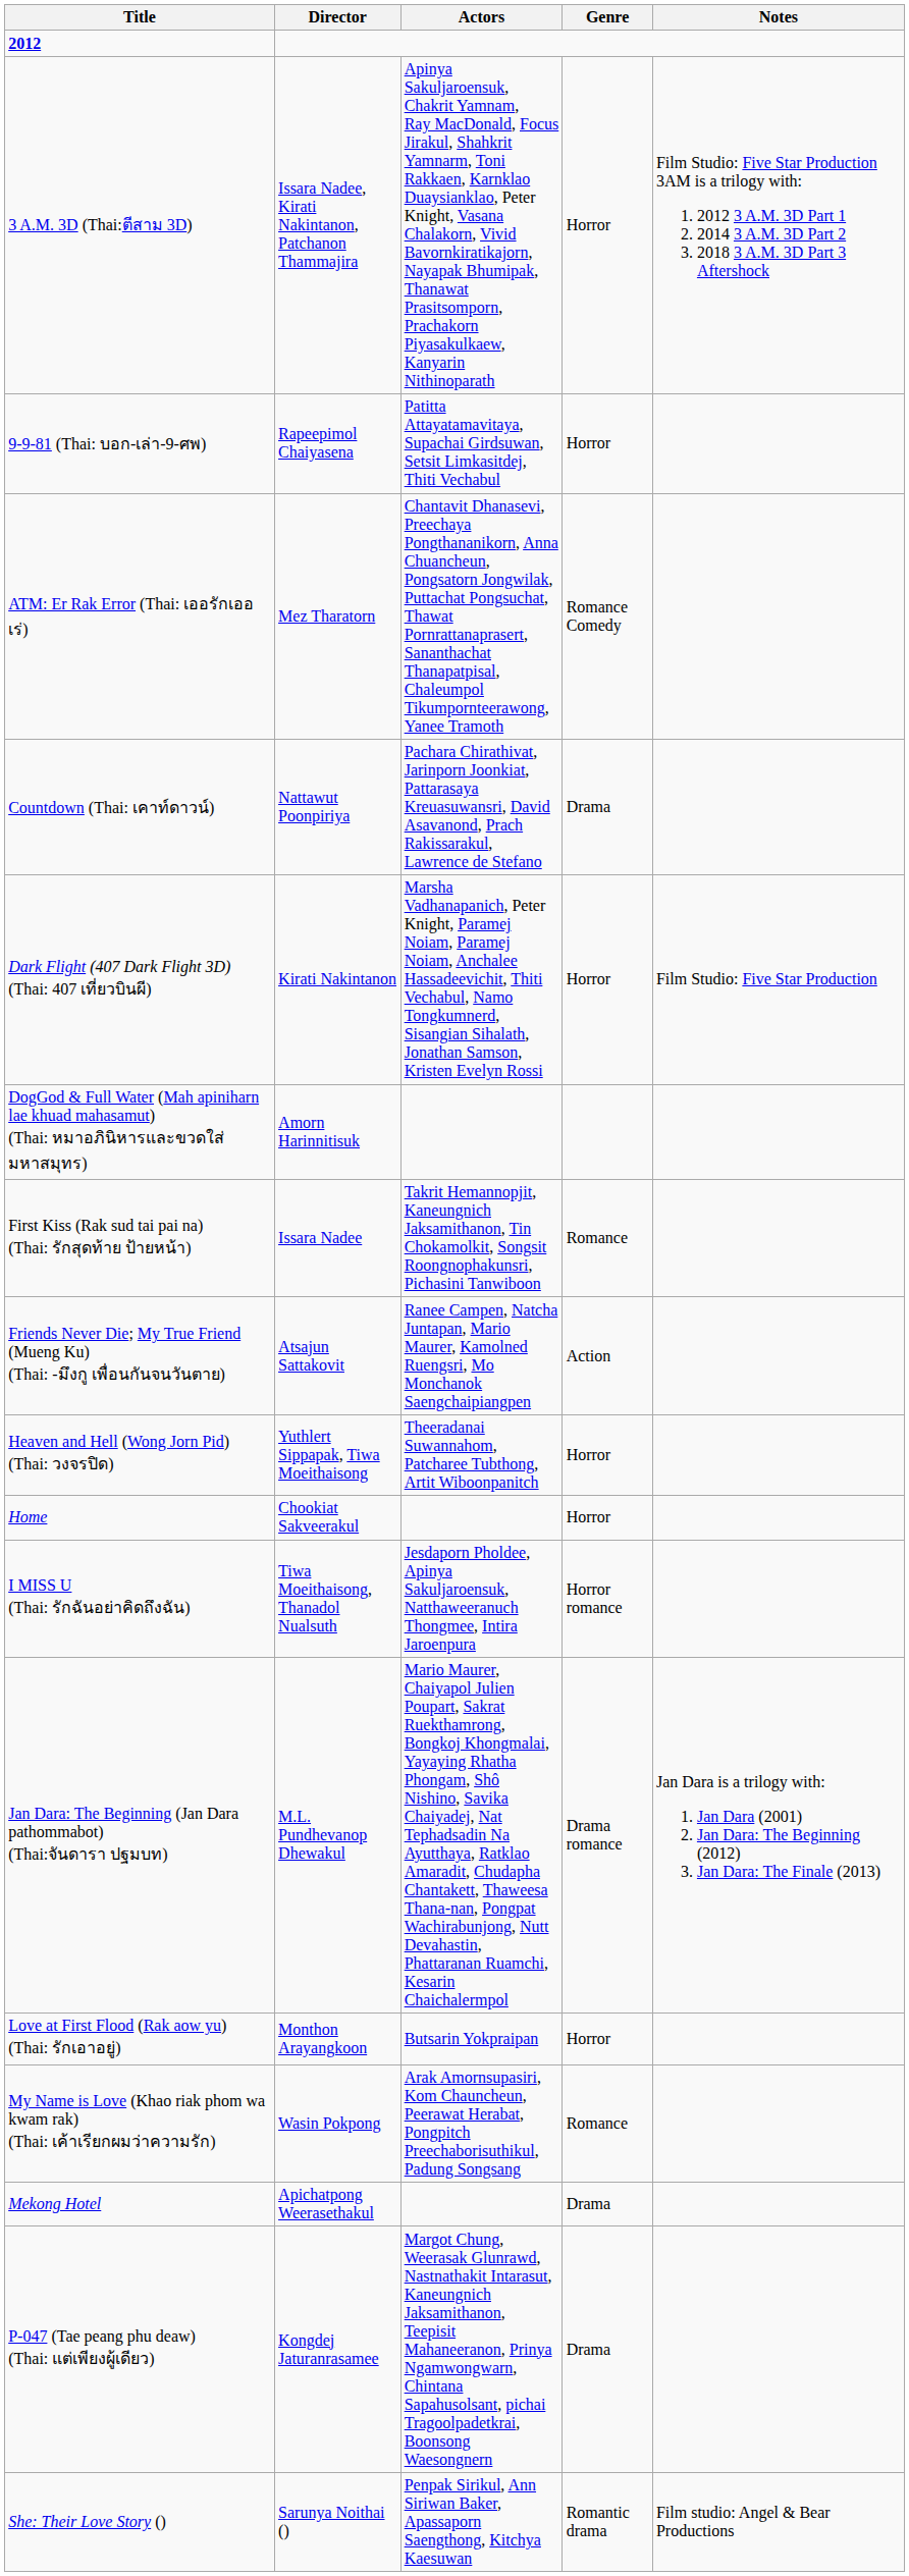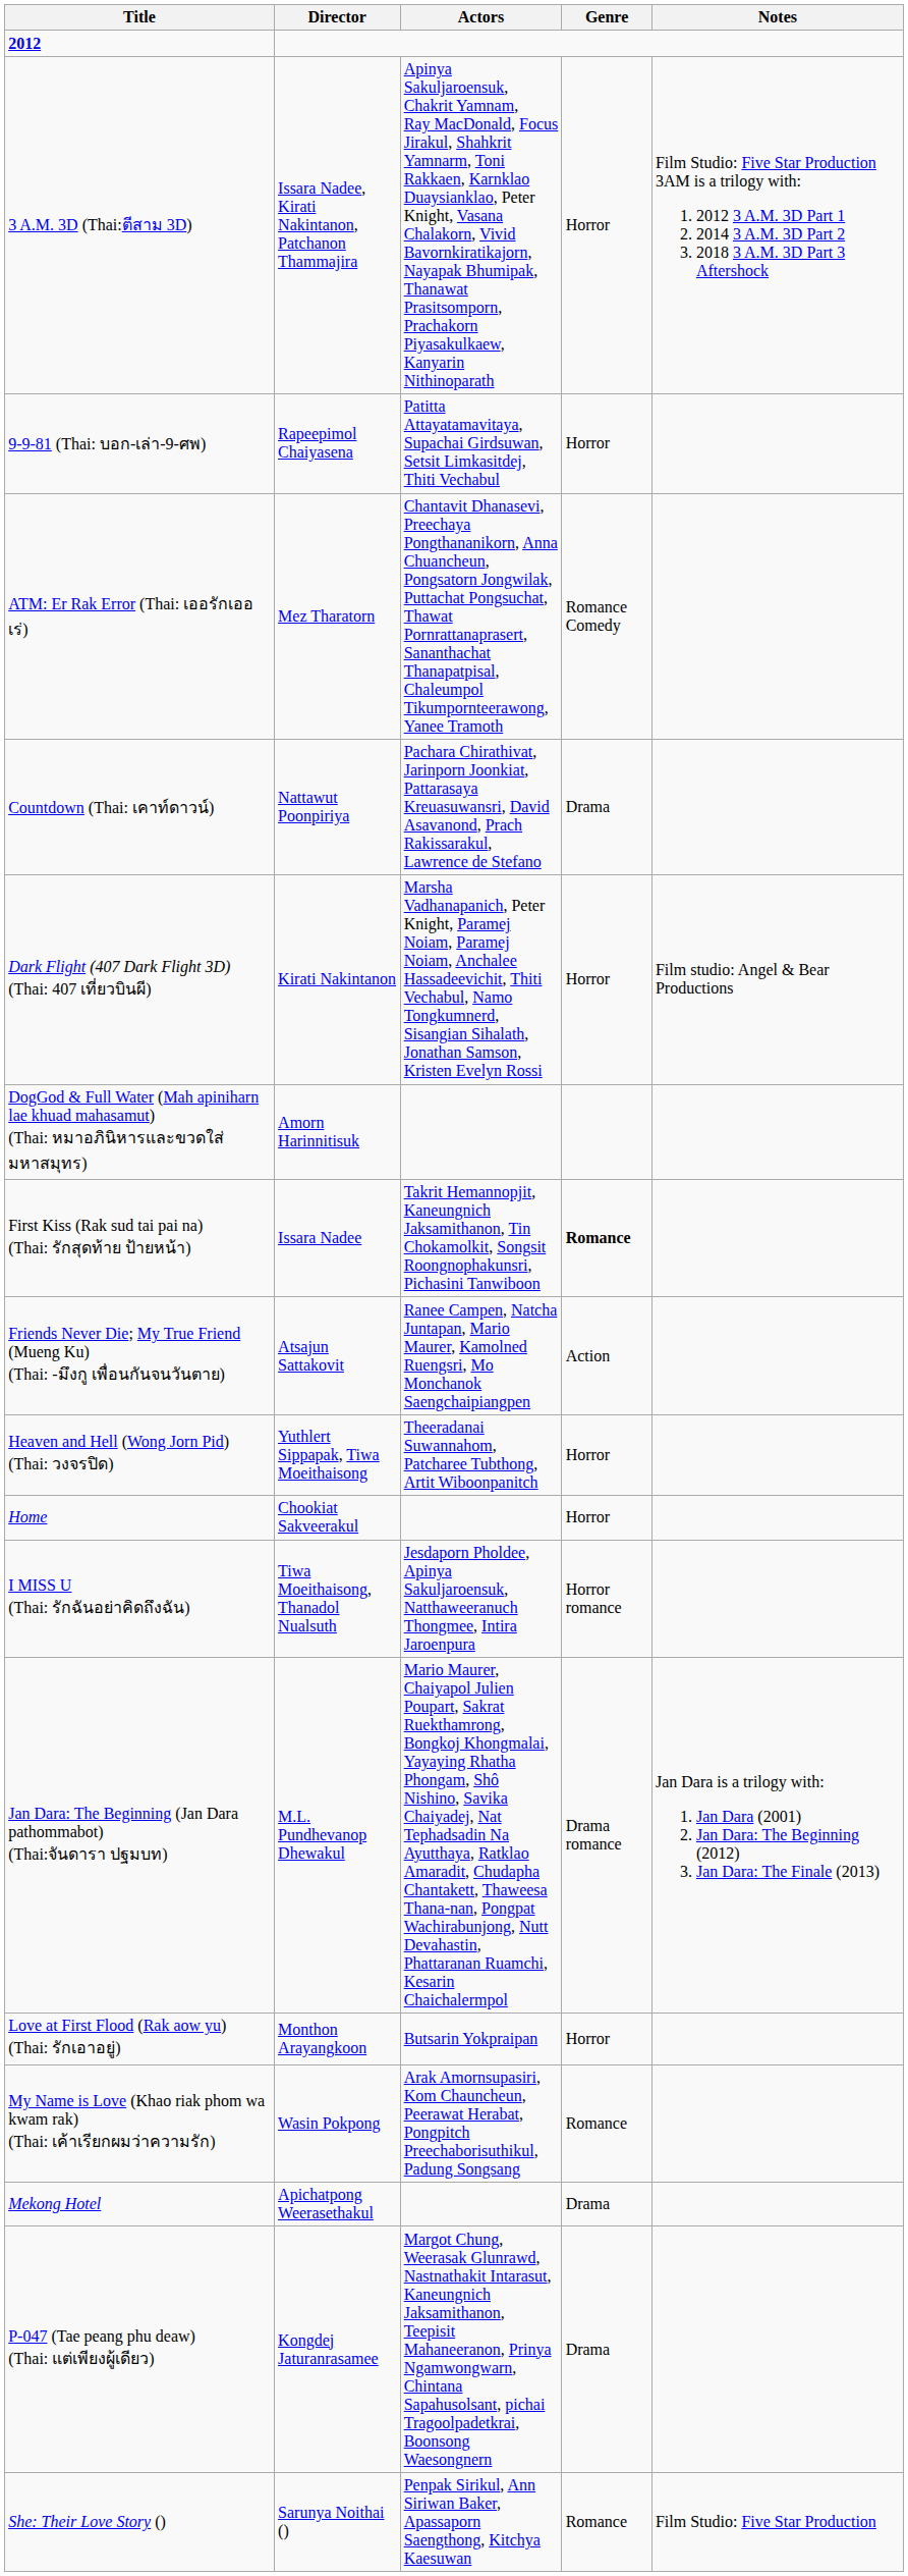 <table class="wikitable sortable" style="width:100%;">
 <tr>
 <th style="width:30%;">Title</th>
 <th style="width:14%;">Director</th>
 <th style="width:18%;">Actors</th>
 <th style="width:10%;">Genre</th>
 <th style="width:28%;">Notes</th>
 </tr>
 <tr>
 <td><strong><a href='#'>2012</a></strong></td>
 </tr>
 <tr>
 <td><a href='#'>3 A.M. 3D</a> (Thai:<a href='#'>ตีสาม 3D</a>)</td>
 <td><a href='#'>Issara Nadee</a>, <a href='#'>Kirati Nakintanon</a>, <a href='#'>Patchanon Thammajira</a></td>
 <td><a href='#'>Apinya Sakuljaroensuk</a>, <a href='#'>Chakrit Yamnam</a>,<br><a href='#'>Ray MacDonald</a>, <a href='#'>Focus Jirakul</a>, <a href='#'>Shahkrit Yamnarm</a>, <a href='#'>Toni Rakkaen</a>, <a href='#'>Karnklao Duaysianklao</a>, Peter Knight, <a href='#'>Vasana Chalakorn</a>, <a href='#'>Vivid Bavornkiratikajorn</a>, <a href='#'>Nayapak Bhumipak</a>, <a href='#'>Thanawat Prasitsomporn</a>, <a href='#'>Prachakorn Piyasakulkaew</a>, <a href='#'>Kanyarin Nithinoparath</a></td>
 <td>Horror</td>
 <td>Film Studio: <a href='#'>Five Star Production</a><br>3AM is a trilogy with:<ol><li>2012 <a href='#'>3 A.M. 3D Part 1</a></li><li>2014 <a href='#'>3 A.M. 3D Part 2</a></li><li>2018 <a href='#'>3 A.M. 3D Part 3 Aftershock</a></li></ol></td>
 </tr>
 <tr>
 <td><a href='#'>9-9-81</a> (Thai: บอก-เล่า-9-ศพ)</td>
 <td><a href='#'>Rapeepimol Chaiyasena</a></td>
 <td><a href='#'>Patitta Attayatamavitaya</a>, <a href='#'>Supachai Girdsuwan</a>, <a href='#'>Setsit Limkasitdej</a>, <a href='#'>Thiti Vechabul</a></td>
 <td>Horror</td>
 <td></td>
 </tr>
 <tr>
 <td><a href='#'>ATM: Er Rak Error</a> (Thai: เออรักเออเร่)</td>
 <td><a href='#'>Mez Tharatorn</a></td>
 <td><a href='#'>Chantavit Dhanasevi</a>, <a href='#'>Preechaya Pongthananikorn</a>, <a href='#'>Anna Chuancheun</a>, <a href='#'>Pongsatorn Jongwilak</a>, <a href='#'>Puttachat Pongsuchat</a>, <a href='#'>Thawat Pornrattanaprasert</a>, <a href='#'>Sananthachat Thanapatpisal</a>, <a href='#'>Chaleumpol Tikumpornteerawong</a>, <a href='#'>Yanee Tramoth</a></td>
 <td>Romance Comedy</td>
 <td></td>
 </tr>
 <tr>
 <td><a href='#'>Countdown</a> (Thai: เคาท์ดาวน์)</td>
 <td><a href='#'>Nattawut Poonpiriya</a></td>
 <td><a href='#'>Pachara Chirathivat</a>, <a href='#'>Jarinporn Joonkiat</a>, <a href='#'>Pattarasaya Kreuasuwansri</a>, <a href='#'>David Asavanond</a>, <a href='#'>Prach Rakissarakul</a>, <a href='#'>Lawrence de Stefano</a></td>
 <td>Drama</td>
 <td></td>
 </tr>
 <tr>
 <td><em><a href='#'>Dark Flight</a> (407 Dark Flight 3D)</em><br>(Thai: 407 เที่ยวบินผี)</td>
 <td><a href='#'>Kirati Nakintanon</a></td>
 <td><a href='#'>Marsha Vadhanapanich</a>, Peter Knight, <a href='#'>Paramej Noiam</a>, <a href='#'>Paramej Noiam</a>, <a href='#'>Anchalee Hassadeevichit</a>, <a href='#'>Thiti Vechabul</a>, <a href='#'>Namo Tongkumnerd</a>, <a href='#'>Sisangian Sihalath</a>, <a href='#'>Jonathan Samson</a>, <a href='#'>Kristen Evelyn Rossi</a></td>
 <td>Horror</td>
-<td>Film Studio: <a href='#'>Five Star Production</a></td>
+<td>Film studio: Angel & Bear Productions</td>
 </tr>
 <tr>
 <td><a href='#'>DogGod & Full Water</a> (<a href='#'>Mah apiniharn lae khuad mahasamut</a>)<br>(Thai: หมาอภินิหารและขวดใส่มหาสมุทร)</td>
 <td><a href='#'>Amorn Harinnitisuk</a></td>
 <td></td>
 <td></td>
 <td></td>
 </tr>
 <tr>
 <td>First Kiss (Rak sud tai pai na)<br>(Thai:  รักสุดท้าย ป้ายหน้า)</td>
 <td><a href='#'>Issara Nadee</a></td>
 <td><a href='#'>Takrit Hemannopjit</a>, <a href='#'>Kaneungnich Jaksamithanon</a>, <a href='#'>Tin Chokamolkit</a>, <a href='#'>Songsit Roongnophakunsri</a>, <a href='#'>Pichasini Tanwiboon</a></td>
-<td>Romance</td>
+<td><strong>Romance</strong></td>
 <td></td>
 </tr>
 <tr>
 <td><a href='#'>Friends Never Die</a>; <a href='#'>My True Friend</a> (Mueng Ku)<br>(Thai: -มึงกู เพื่อนกันจนวันตาย)</td>
 <td><a href='#'>Atsajun Sattakovit</a></td>
 <td><a href='#'>Ranee Campen</a>, <a href='#'>Natcha Juntapan</a>, <a href='#'>Mario Maurer</a>, <a href='#'>Kamolned Ruengsri</a>, <a href='#'>Mo Monchanok Saengchaipiangpen</a></td>
 <td>Action</td>
 <td></td>
 </tr>
 <tr>
 <td><a href='#'>Heaven and Hell</a> (<a href='#'>Wong Jorn Pid</a>)<br>(Thai: วงจรปิด)</td>
 <td><a href='#'>Yuthlert Sippapak</a>, <a href='#'>Tiwa Moeithaisong</a></td>
 <td><a href='#'>Theeradanai Suwannahom</a>, <a href='#'>Patcharee Tubthong</a>, <a href='#'>Artit Wiboonpanitch</a></td>
 <td>Horror</td>
 <td></td>
 </tr>
 <tr>
 <td><em><a href='#'>Home</a></em></td>
 <td><a href='#'>Chookiat Sakveerakul</a></td>
 <td></td>
 <td>Horror</td>
 <td></td>
 </tr>
 <tr>
 <td><a href='#'>I MISS U</a><br>(Thai: รักฉันอย่าคิดถึงฉัน)</td>
 <td><a href='#'>Tiwa Moeithaisong</a>, <a href='#'>Thanadol Nualsuth</a></td>
 <td><a href='#'>Jesdaporn Pholdee</a>, <a href='#'>Apinya Sakuljaroensuk</a>, <a href='#'>Natthaweeranuch Thongmee</a>, <a href='#'>Intira Jaroenpura</a></td>
 <td>Horror romance<br></td>
 <td></td>
 </tr>
 <tr>
 <td><a href='#'>Jan Dara: The Beginning</a>  (Jan Dara pathommabot)<br>(Thai:จันดารา ปฐมบท)</td>
 <td><a href='#'>M.L. Pundhevanop Dhewakul</a></td>
 <td><a href='#'>Mario Maurer</a>, <a href='#'>Chaiyapol Julien Poupart</a>, <a href='#'>Sakrat Ruekthamrong</a>, <a href='#'>Bongkoj Khongmalai</a>, <a href='#'>Yayaying Rhatha Phongam</a>, <a href='#'>Shô Nishino</a>, <a href='#'>Savika Chaiyadej</a>, <a href='#'>Nat Tephadsadin Na Ayutthaya</a>, <a href='#'>Ratklao Amaradit</a>, <a href='#'>Chudapha Chantakett</a>, <a href='#'>Thaweesa Thana-nan</a>, <a href='#'>Pongpat Wachirabunjong</a>, <a href='#'>Nutt Devahastin</a>, <a href='#'>Phattaranan Ruamchi</a>, <a href='#'>Kesarin Chaichalermpol</a></td>
 <td>Drama romance</td>
 <td>Jan Dara is a trilogy with:<br><ol><li><a href='#'>Jan Dara</a> (2001)</li><li><a href='#'>Jan Dara: The Beginning</a> (2012)</li><li><a href='#'>Jan Dara: The Finale</a> (2013)</li></ol></td>
 </tr>
 <tr>
 <td><a href='#'>Love at First Flood</a> (<a href='#'>Rak aow yu</a>)<br>(Thai: รักเอาอยู่)</td>
 <td><a href='#'>Monthon Arayangkoon</a></td>
 <td><a href='#'>Butsarin Yokpraipan</a></td>
 <td>Horror</td>
 <td></td>
 </tr>
 <tr>
 <td><a href='#'>My Name is Love</a> (Khao riak phom wa kwam rak)<br>(Thai: เค้าเรียกผมว่าความรัก)</td>
 <td><a href='#'>Wasin Pokpong</a></td>
 <td><a href='#'>Arak Amornsupasiri</a>, <a href='#'>Kom Chauncheun</a>, <a href='#'>Peerawat Herabat</a>, <a href='#'>Pongpitch Preechaborisuthikul</a>, <a href='#'>Padung Songsang</a></td>
 <td>Romance</td>
 <td></td>
 </tr>
 <tr>
 <td><em><a href='#'>Mekong Hotel</a></em></td>
 <td><a href='#'>Apichatpong Weerasethakul</a></td>
 <td></td>
 <td>Drama</td>
 <td></td>
 </tr>
 <tr>
 <td><a href='#'>P-047</a> (Tae peang phu deaw)<br>(Thai: แต่เพียงผู้เดียว)</td>
 <td><a href='#'>Kongdej Jaturanrasamee</a></td>
 <td><a href='#'>Margot Chung</a>, <a href='#'>Weerasak Glunrawd</a>, <a href='#'>Nastnathakit Intarasut</a>, <a href='#'>Kaneungnich Jaksamithanon</a>, <a href='#'>Teepisit Mahaneeranon</a>, <a href='#'>Prinya Ngamwongwarn</a>, <a href='#'>Chintana Sapahusolsant</a>, <a href='#'>pichai Tragoolpadetkrai</a>, <a href='#'>Boonsong Waesongnern</a></td>
 <td>Drama</td>
 <td></td>
 </tr>
 <tr>
 <td><em><a href='#'>She: Their Love Story</a></em> ()</td>
 <td><a href='#'>Sarunya Noithai</a> ()</td>
 <td><a href='#'>Penpak Sirikul</a>, <a href='#'>Ann Siriwan Baker</a>, <a href='#'>Apassaporn Saengthong</a>, <a href='#'>Kitchya Kaesuwan</a></td>
-<td>Romantic drama</td>
-<td>Film studio: Angel & Bear Productions</td>
+<td>Romance</td>
+<td>Film Studio: <a href='#'>Five Star Production</a></td>
 </tr>
 <tr>
 </tr>
 </table>
